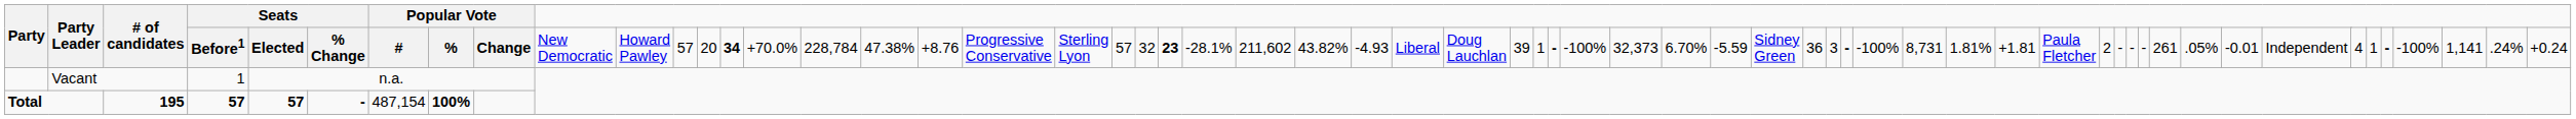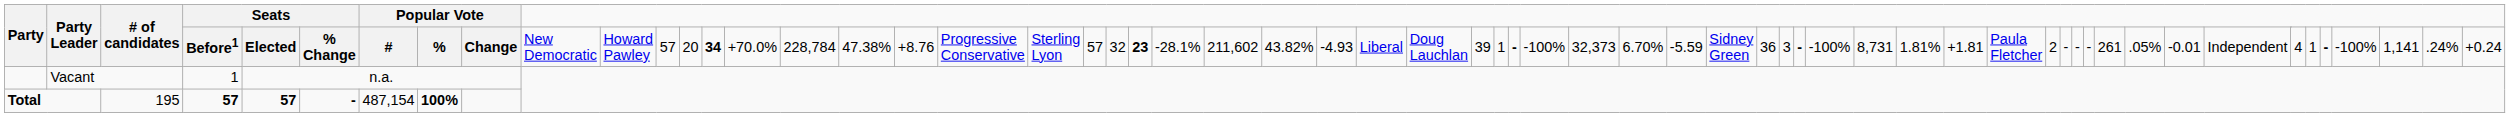 <table class="wikitable">
 <tr>
 <th rowspan="2" colspan="2">Party</th>
 <th rowspan="2">Party Leader</th>
 <th rowspan="2"># of<br>candidates</th>
 <th colspan="3">Seats</th>
 <th colspan="3">Popular Vote</th>
 </tr>
 <tr>
 <th>Before<sup>1</sup></th>
 <th>Elected</th>
 <th>% Change</th>
 <th>#</th>
 <th>%</th>
 <th>Change<br></th>
 <td><a href='#'>New Democratic</a></td>
 <td><a href='#'>Howard Pawley</a></td>
 <td align="right">57</td>
 <td align="right">20</td>
 <td align="right"><strong>34</strong></td>
 <td align="right">+70.0%</td>
 <td align="right">228,784</td>
 <td align="right">47.38%</td>
 <td align="right">+8.76<br></td>
 <td><a href='#'>Progressive Conservative</a></td>
 <td><a href='#'>Sterling Lyon</a></td>
 <td align="right">57</td>
 <td align="right">32</td>
 <td align="right"><strong>23</strong></td>
 <td align="right">-28.1%</td>
 <td align="right">211,602</td>
 <td align="right">43.82%</td>
 <td align="right">-4.93<br></td>
 <td><a href='#'>Liberal</a></td>
 <td><a href='#'>Doug Lauchlan</a></td>
 <td align="right">39</td>
 <td align="right">1</td>
 <td align="right"><strong>-</strong></td>
 <td align="right">-100%</td>
 <td align="right">32,373</td>
 <td align="right">6.70%</td>
 <td align="right">-5.59<br></td>
 <td><a href='#'>Sidney Green</a></td>
 <td align="right">36</td>
 <td align="right">3</td>
 <td align="right"><strong>-</strong></td>
 <td align="right">-100%</td>
 <td align="right">8,731</td>
 <td align="right">1.81%</td>
 <td align="right">+1.81<br></td>
 <td><a href='#'>Paula Fletcher</a></td>
 <td align="right">2</td>
 <td align="right">-</td>
 <td align="right">-</td>
 <td align="right">-</td>
 <td align="right">261</td>
 <td align="right">.05%</td>
 <td align="right">-0.01<br></td>
 <td colspan="2">Independent</td>
 <td align="right">4</td>
 <td align="right">1</td>
 <td align="right"><strong>-</strong></td>
 <td align="right">-100%</td>
 <td align="right">1,141</td>
 <td align="right">.24%</td>
 <td align="right">+0.24</td>
 </tr>
 <tr>
 <td> </td>
 <td colspan="3">Vacant</td>
 <td align="right">1</td>
 <td colspan="5" align="center">n.a.</td>
 </tr>
 <tr>
 <td colspan="3"><strong>Total</strong></td>
-<td align="right"><strong>195</strong></td>
+<td align="right">195</td>
 <td align="right"><strong>57</strong></td>
 <td align="right"><strong>57</strong></td>
 <td align="right"><strong>-</strong></td>
 <td align="right">487,154</td>
 <td align="right"><strong>100%</strong></td>
 <td align="right"> </td>
 </tr>
 </table>
